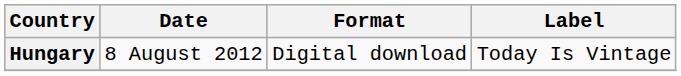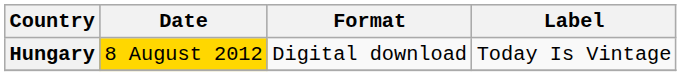 <table class="wikitable plainrowheaders">
 <tr>
 <th scope="col">Country</th>
 <th scope="col">Date</th>
 <th scope="col">Format</th>
 <th scope="col">Label</th>
 </tr>
 <tr>
 <th scope="row">Hungary</th>
-<td>8 August 2012</td>
+<td style="background: gold;">8 August 2012</td>
 <td>Digital download</td>
 <td>Today Is Vintage</td>
 </tr>
 <tr>
 </tr>
 </table>
